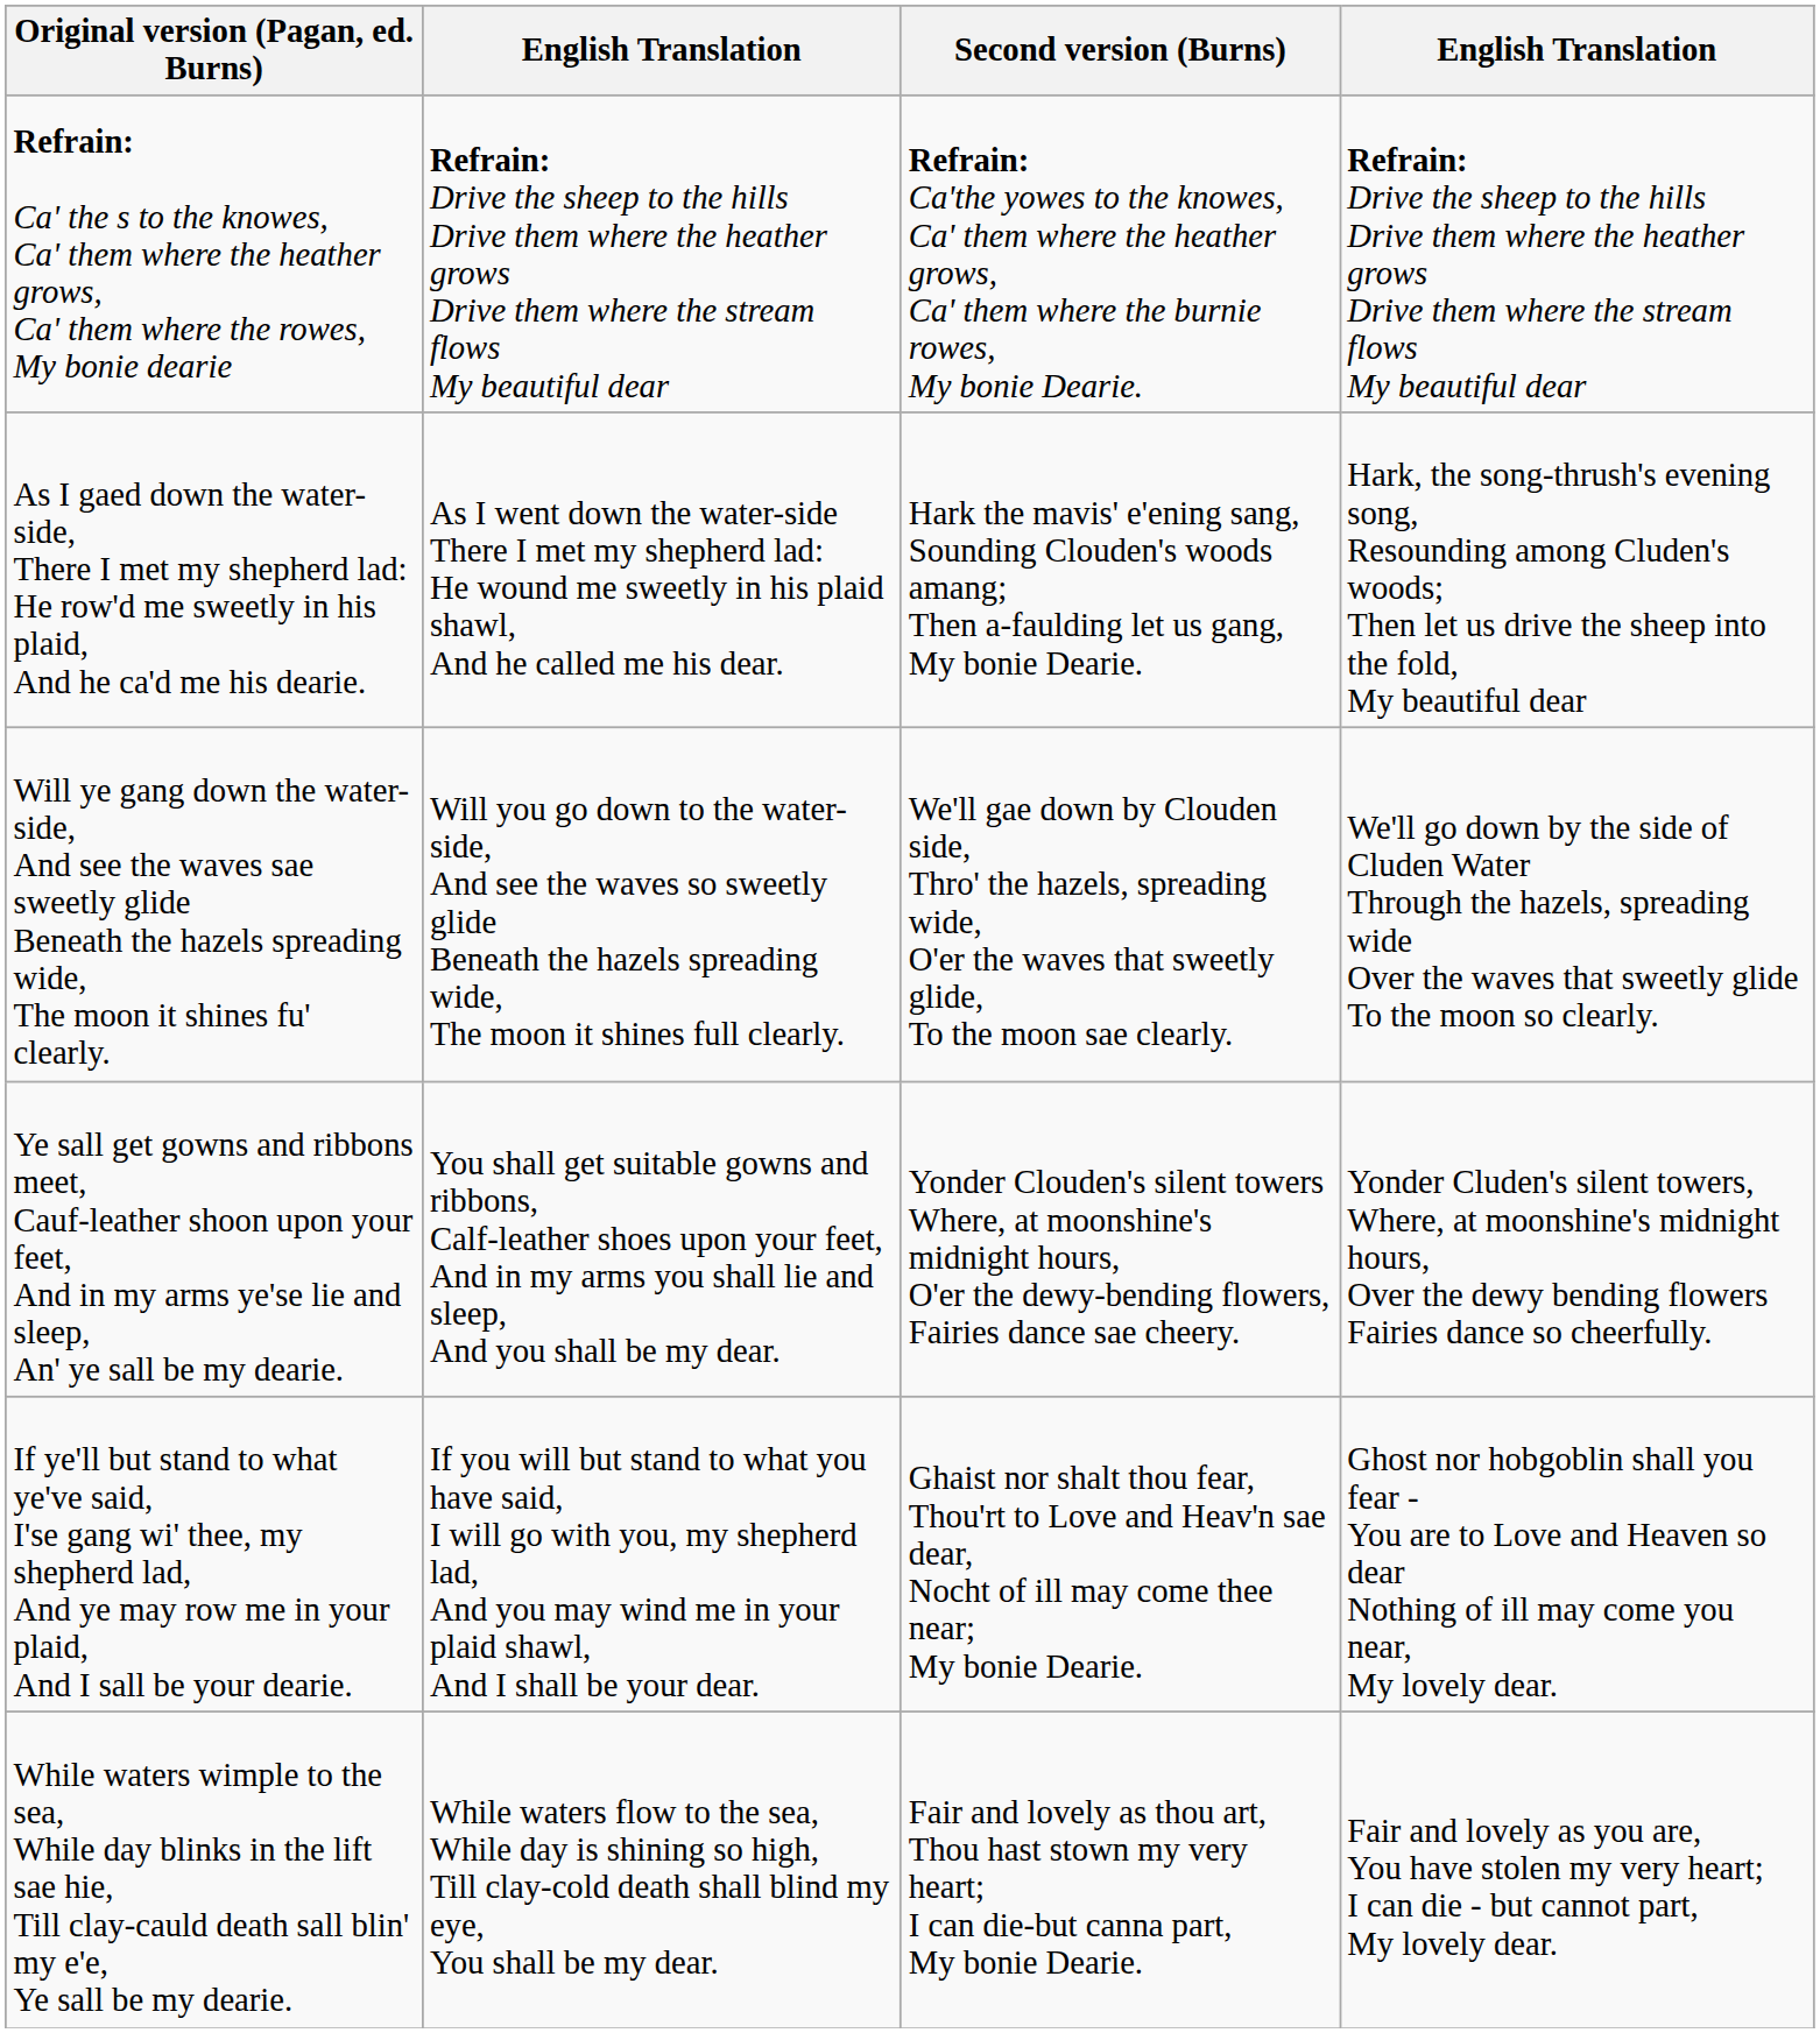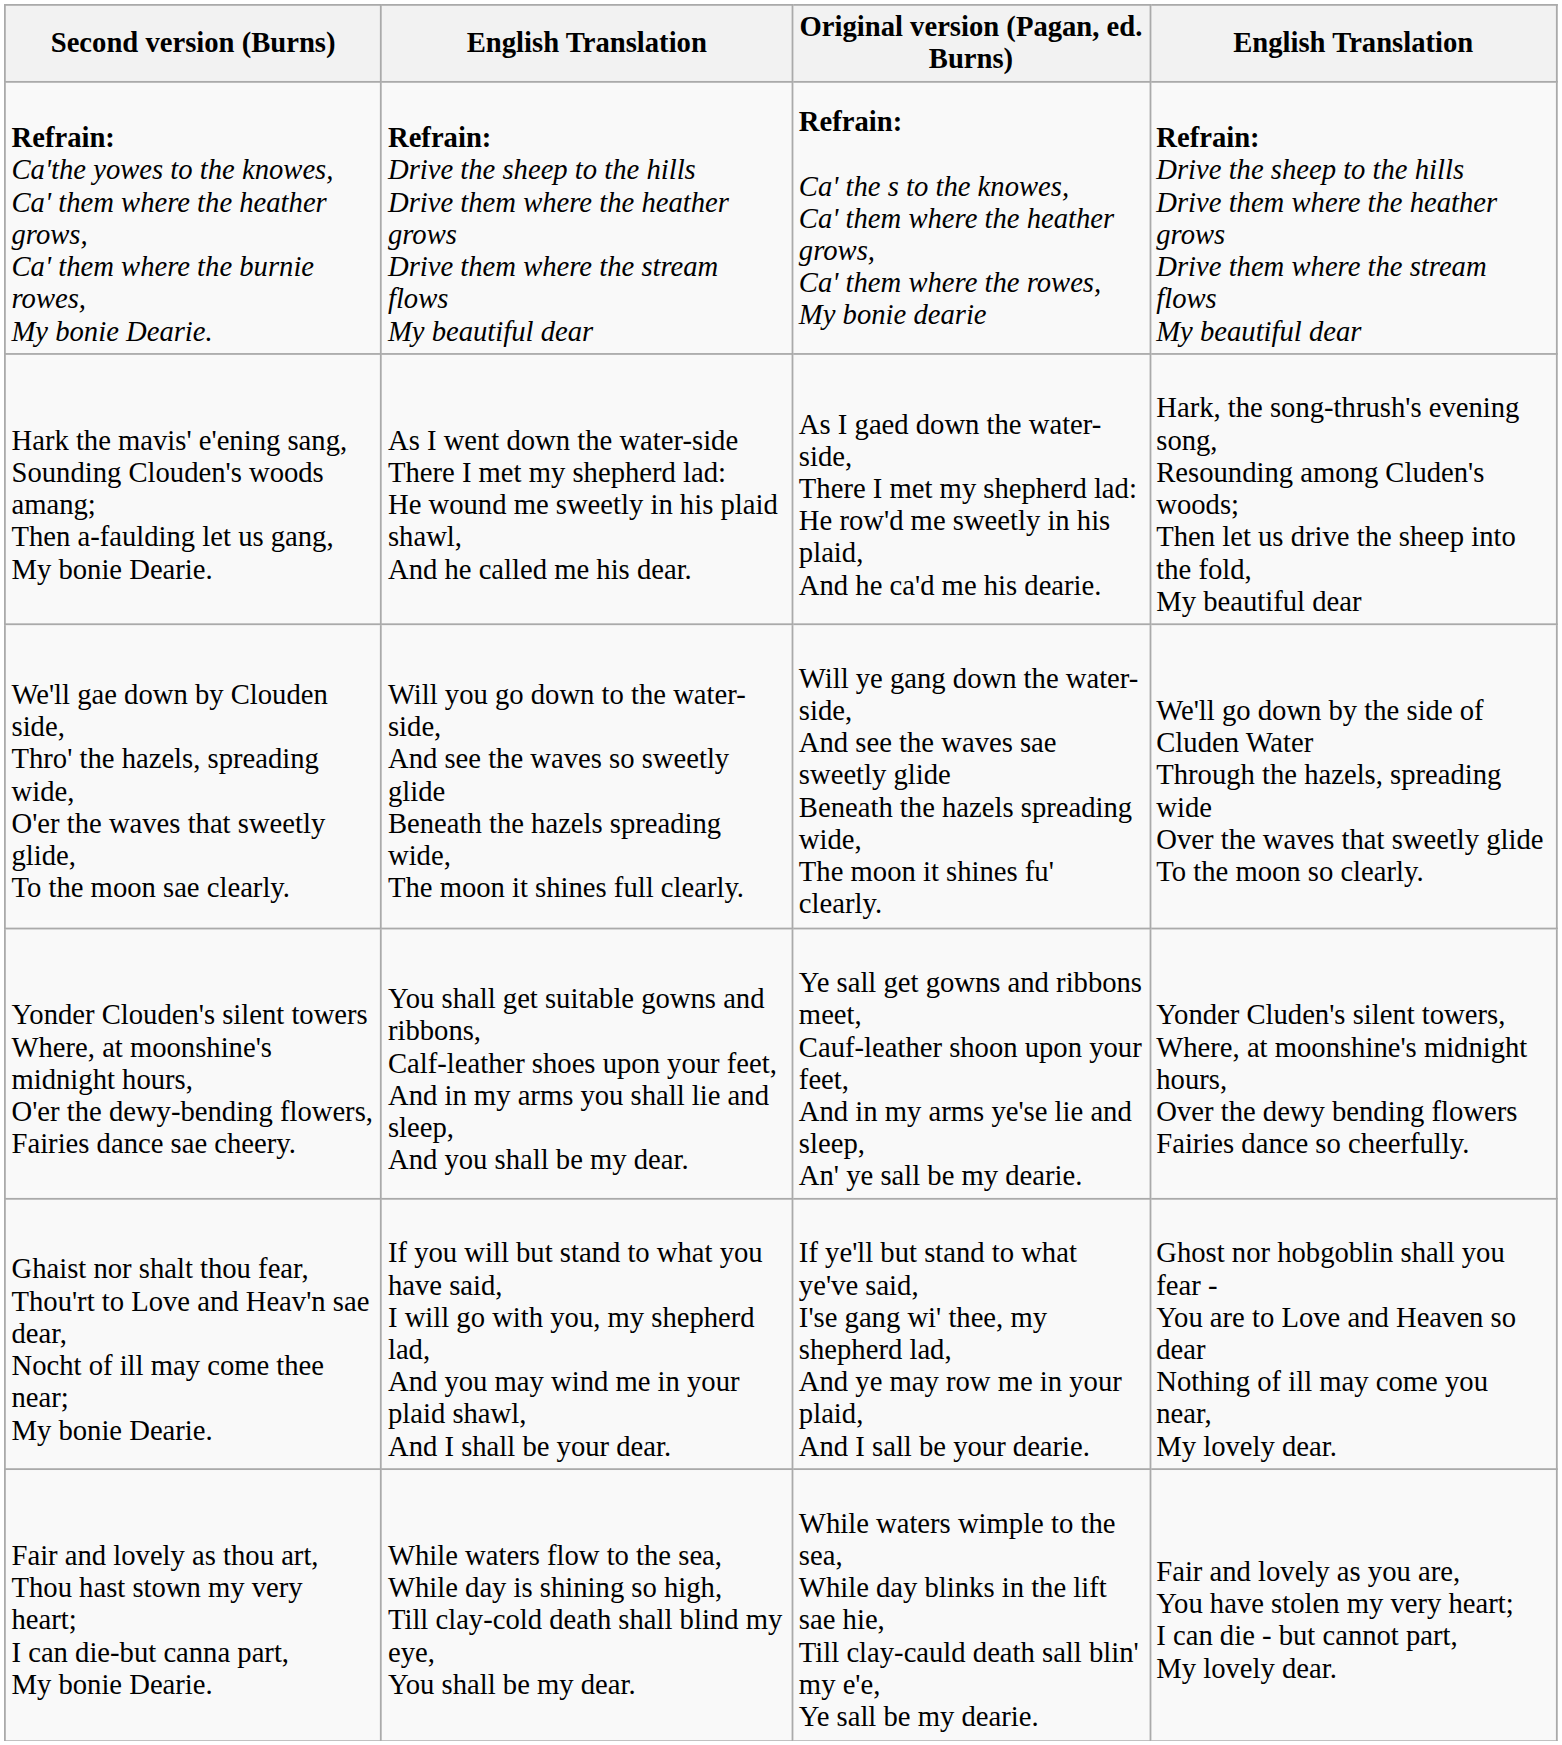 <table class="wikitable">
 <tr>
+<th>Second version (Burns)</th>
+<th>English Translation</th>
 <th>Original version (Pagan, ed. Burns)</th>
-<th>English Translation</th>
-<th>Second version (Burns)</th>
 <th>English Translation</th>
 </tr>
 <tr>
+<td><br><strong>Refrain:</strong><br> <em>Ca'the yowes to the knowes,</em> <br> <em>Ca' them where the heather grows,</em> <br> <em>Ca' them where the burnie rowes,</em> <br> <em>My bonie Dearie.</em></td>
+<td><br><strong>Refrain:</strong><br> <em>Drive the sheep to the hills</em><br> <em>Drive them where the heather grows</em><br> <em>Drive them where the stream flows</em><br> <em>My beautiful dear</em><br></td>
 <td><strong>Refrain:</strong><br><br><em>Ca' the s to the knowes,</em><br> <em>Ca' them where the heather grows,</em> <br> <em>Ca' them where the  rowes,</em> <br> <em>My bonie dearie</em> <br></td>
-<td><br><strong>Refrain:</strong><br> <em>Drive the sheep to the hills</em><br> <em>Drive them where the heather grows</em><br> <em>Drive them where the stream flows</em><br> <em>My beautiful dear</em><br></td>
-<td><br><strong>Refrain:</strong><br> <em>Ca'the yowes to the knowes,</em> <br> <em>Ca' them where the heather grows,</em> <br> <em>Ca' them where the burnie rowes,</em> <br> <em>My bonie Dearie.</em></td>
 <td><br><strong>Refrain:</strong><br> <em>Drive the sheep to the hills</em><br> <em>Drive them where the heather grows</em><br> <em>Drive them where the stream flows</em><br> <em>My beautiful dear</em></td>
 </tr>
 <tr>
+<td><br>Hark the mavis' e'ening sang, <br> Sounding Clouden's woods amang;<br> Then a-faulding let us gang, <br> My bonie Dearie.</td>
+<td><br>As I went down the water-side <br> There I met my shepherd lad: <br> He wound me sweetly in his plaid shawl, <br> And he called me his dear. <br></td>
 <td><br>As I gaed down the water-side, <br> There I met my shepherd lad: <br> He row'd me sweetly in his plaid, <br> And he ca'd me his dearie.</td>
-<td><br>As I went down the water-side <br> There I met my shepherd lad: <br> He wound me sweetly in his plaid shawl, <br> And he called me his dear. <br></td>
-<td><br>Hark the mavis' e'ening sang, <br> Sounding Clouden's woods amang;<br> Then a-faulding let us gang, <br> My bonie Dearie.</td>
 <td><br>Hark, the song-thrush's evening song,<br> Resounding among Cluden's woods;<br> Then let us drive the sheep into the fold,<br> My beautiful dear</td>
 </tr>
 <tr>
+<td><br>We'll gae down by Clouden side, <br> Thro' the hazels, spreading wide, <br> O'er the waves that sweetly glide, <br> To the moon sae clearly.</td>
+<td><br>Will you go down to the water-side,<br> And see the waves so sweetly glide<br> Beneath the hazels spreading wide, <br> The moon it shines full clearly.</td>
 <td><br>Will ye gang down the water-side, <br> And see the waves sae sweetly glide <br> Beneath the hazels spreading wide, <br> The moon it shines fu' clearly.</td>
-<td><br>Will you go down to the water-side,<br> And see the waves so sweetly glide<br> Beneath the hazels spreading wide, <br> The moon it shines full clearly.</td>
-<td><br>We'll gae down by Clouden side, <br> Thro' the hazels, spreading wide, <br> O'er the waves that sweetly glide, <br> To the moon sae clearly.</td>
 <td><br>We'll go down by the side of Cluden Water<br> Through the hazels, spreading wide<br> Over the waves that sweetly glide<br> To the moon so clearly.</td>
 </tr>
 <tr>
+<td><br>Yonder Clouden's silent towers<br> Where, at moonshine's midnight hours, <br> O'er the dewy-bending flowers, <br> Fairies dance sae cheery.</td>
+<td><br>You shall get suitable gowns and ribbons,<br> Calf-leather shoes upon your feet,<br> And in my arms you shall lie and sleep,<br> And you shall be my dear.</td>
 <td><br>Ye sall get gowns and ribbons meet, <br> Cauf-leather shoon upon your feet, <br> And in my arms ye'se lie and sleep, <br> An' ye sall be my dearie.</td>
-<td><br>You shall get suitable gowns and ribbons,<br> Calf-leather shoes upon your feet,<br> And in my arms you shall lie and sleep,<br> And you shall be my dear.</td>
-<td><br>Yonder Clouden's silent towers<br> Where, at moonshine's midnight hours, <br> O'er the dewy-bending flowers, <br> Fairies dance sae cheery.</td>
 <td><br>Yonder Cluden's silent towers,<br> Where, at moonshine's midnight hours,<br> Over the dewy bending flowers<br> Fairies dance so cheerfully.</td>
 </tr>
 <tr>
+<td><br>Ghaist nor  shalt thou fear, <br> Thou'rt to Love and Heav'n sae dear, <br> Nocht of ill may come thee near; <br> My bonie Dearie.</td>
+<td><br>If you will but stand to what you have said,<br> I will go with you, my shepherd lad,<br> And you may wind me in your plaid shawl,<br> And I shall be your dear.</td>
 <td><br>If ye'll but stand to what ye've said, <br> I'se gang wi' thee, my shepherd lad, <br> And ye may row me in your plaid, <br> And I sall be your dearie.</td>
-<td><br>If you will but stand to what you have said,<br> I will go with you, my shepherd lad,<br> And you may wind me in your plaid shawl,<br> And I shall be your dear.</td>
-<td><br>Ghaist nor  shalt thou fear, <br> Thou'rt to Love and Heav'n sae dear, <br> Nocht of ill may come thee near; <br> My bonie Dearie.</td>
 <td><br>Ghost nor hobgoblin shall you fear -<br> You are to Love and Heaven so dear<br> Nothing of ill may come you near,<br> My lovely dear.</td>
 </tr>
 <tr>
+<td><br>Fair and lovely as thou art, <br> Thou hast stown my very heart; <br> I can die-but canna part, <br> My bonie Dearie.</td>
+<td><br>While waters flow to the sea,<br> While day is shining so high,<br> Till clay-cold death shall blind my eye,<br> You shall be my dear.</td>
 <td><br>While waters wimple to the sea, <br> While day blinks in the lift sae hie, <br> Till clay-cauld death sall blin' my e'e, <br> Ye sall be my dearie.</td>
-<td><br>While waters flow to the sea,<br> While day is shining so high,<br> Till clay-cold death shall blind my eye,<br> You shall be my dear.</td>
-<td><br>Fair and lovely as thou art, <br> Thou hast stown my very heart; <br> I can die-but canna part, <br> My bonie Dearie.</td>
 <td><br>Fair and lovely as you are,<br> You have stolen my very heart;<br> I can die - but cannot part,<br> My lovely dear.</td>
 </tr>
 </table>
